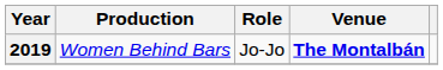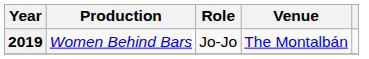 <table class="wikitable plainrowheaders">
 <tr>
 <th>Year</th>
 <th>Production</th>
 <th>Role</th>
 <th>Venue</th>
 <th></th>
 </tr>
 <tr>
 <th scope="row">2019</th>
 <td><em><a href='#'>Women Behind Bars</a></em></td>
 <td>Jo-Jo</td>
-<td><strong><a href='#'>The Montalbán</a></strong></td>
+<td><a href='#'>The Montalbán</a></td>
 <td style="text-align: center;"></td>
 </tr>
 <tr>
 </tr>
 </table>
